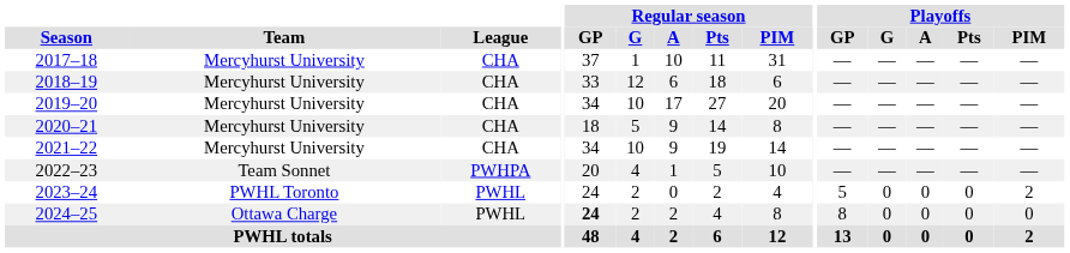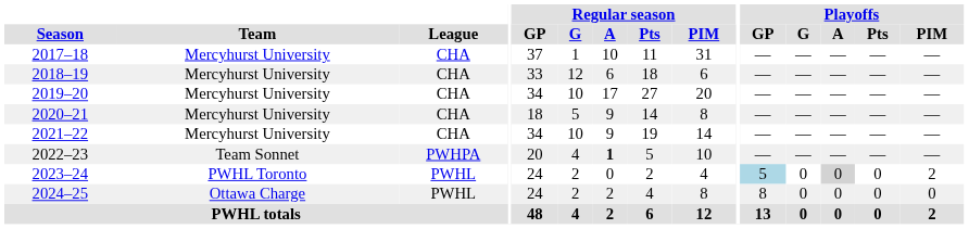 <table border="0" cellpadding="1" cellspacing="0" style="text-align:center; width:60em">
 <tr bgcolor="#e0e0e0">
 <th colspan="3" bgcolor="#ffffff"></th>
 <th rowspan="97" bgcolor="#ffffff"></th>
 <th colspan="5"><a href='#'>Regular season</a></th>
 <th rowspan="97" bgcolor="#ffffff"></th>
 <th colspan="5"><a href='#'>Playoffs</a></th>
 </tr>
 <tr bgcolor="#e0e0e0">
 <th><a href='#'>Season</a></th>
 <th>Team</th>
 <th>League</th>
 <th>GP</th>
 <th><a href='#'>G</a></th>
 <th><a href='#'>A</a></th>
 <th><a href='#'>Pts</a></th>
 <th><a href='#'>PIM</a></th>
 <th>GP</th>
 <th>G</th>
 <th>A</th>
 <th>Pts</th>
 <th>PIM</th>
 </tr>
 <tr>
 <td><a href='#'>2017–18</a></td>
 <td><a href='#'>Mercyhurst University</a></td>
 <td><a href='#'>CHA</a></td>
 <td>37</td>
 <td>1</td>
 <td>10</td>
 <td>11</td>
 <td>31</td>
 <td>—</td>
 <td>—</td>
 <td>—</td>
 <td>—</td>
 <td>—</td>
 </tr>
 <tr bgcolor="#f0f0f0">
 <td><a href='#'>2018–19</a></td>
 <td>Mercyhurst University</td>
 <td>CHA</td>
 <td>33</td>
 <td>12</td>
 <td>6</td>
 <td>18</td>
 <td>6</td>
 <td>—</td>
 <td>—</td>
 <td>—</td>
 <td>—</td>
 <td>—</td>
 </tr>
 <tr>
 <td><a href='#'>2019–20</a></td>
 <td>Mercyhurst University</td>
 <td>CHA</td>
 <td>34</td>
 <td>10</td>
 <td>17</td>
 <td>27</td>
 <td>20</td>
 <td>—</td>
 <td>—</td>
 <td>—</td>
 <td>—</td>
 <td>—</td>
 </tr>
 <tr bgcolor="#f0f0f0">
 <td><a href='#'>2020–21</a></td>
 <td>Mercyhurst University</td>
 <td>CHA</td>
 <td>18</td>
 <td>5</td>
 <td>9</td>
 <td>14</td>
 <td>8</td>
 <td>—</td>
 <td>—</td>
 <td>—</td>
 <td>—</td>
 <td>—</td>
 </tr>
 <tr>
 <td><a href='#'>2021–22</a></td>
 <td>Mercyhurst University</td>
 <td>CHA</td>
 <td>34</td>
 <td>10</td>
 <td>9</td>
 <td>19</td>
 <td>14</td>
 <td>—</td>
 <td>—</td>
 <td>—</td>
 <td>—</td>
 <td>—</td>
 </tr>
 <tr bgcolor="#f0f0f0">
 <td>2022–23</td>
 <td>Team Sonnet</td>
 <td><a href='#'>PWHPA</a></td>
 <td>20</td>
 <td>4</td>
-<td>1</td>
+<td><strong>1</strong></td>
 <td>5</td>
 <td>10</td>
 <td>—</td>
 <td>—</td>
 <td>—</td>
 <td>—</td>
 <td>—</td>
 </tr>
 <tr>
 <td><a href='#'>2023–24</a></td>
 <td><a href='#'>PWHL Toronto</a></td>
 <td><a href='#'>PWHL</a></td>
 <td>24</td>
 <td>2</td>
 <td>0</td>
 <td>2</td>
 <td>4</td>
-<td>5</td>
+<td style="background: lightblue;">5</td>
 <td>0</td>
-<td>0</td>
+<td style="background: lightgrey;">0</td>
 <td>0</td>
 <td>2</td>
 </tr>
 <tr bgcolor="#f0f0f0">
 <td><a href='#'>2024–25</a></td>
 <td><a href='#'>Ottawa Charge</a></td>
 <td>PWHL</td>
-<td><strong>24</strong></td>
+<td>24</td>
 <td>2</td>
 <td>2</td>
 <td>4</td>
 <td>8</td>
 <td>8</td>
 <td>0</td>
 <td>0</td>
 <td>0</td>
 <td>0</td>
 </tr>
 <tr bgcolor="#e0e0e0">
 <th colspan="3">PWHL totals</th>
 <th>48</th>
 <th>4</th>
 <th>2</th>
 <th>6</th>
 <th>12</th>
 <th>13</th>
 <th>0</th>
 <th>0</th>
 <th>0</th>
 <th>2</th>
 </tr>
 </table>
